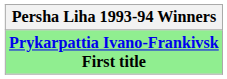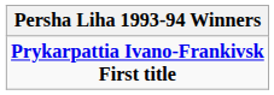 <table class="wikitable" style="text-align: center; margin: 0 auto;">
 <tr>
 <th>Persha Liha 1993-94 Winners</th>
 </tr>
 <tr>
-<td style="background: lightgreen;"><strong><a href='#'>Prykarpattia Ivano-Frankivsk</a></strong><br><strong>First title</strong></td>
+<td><strong><a href='#'>Prykarpattia Ivano-Frankivsk</a></strong><br><strong>First title</strong></td>
 </tr>
 </table>
